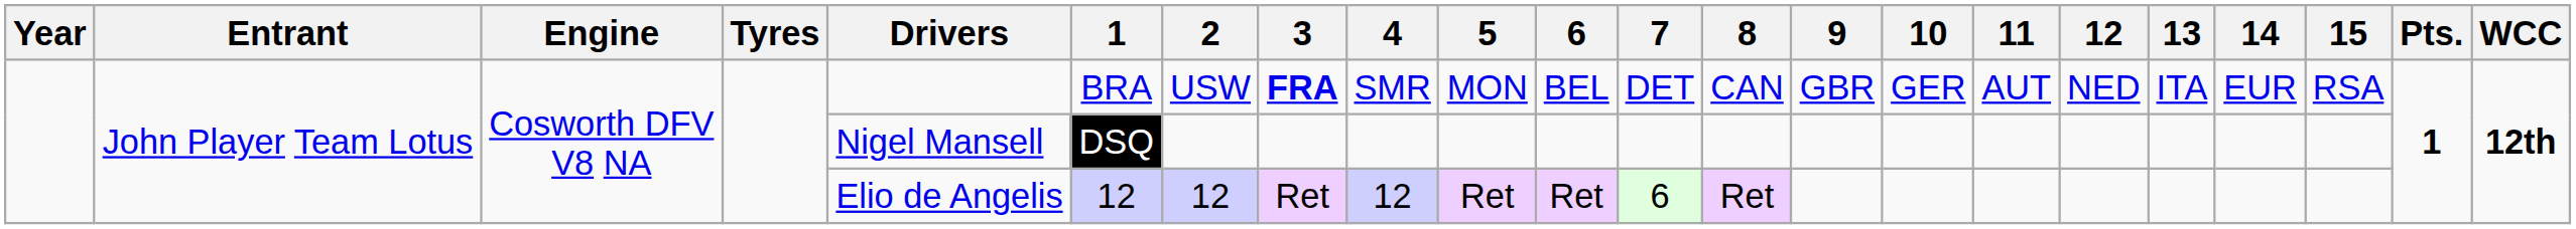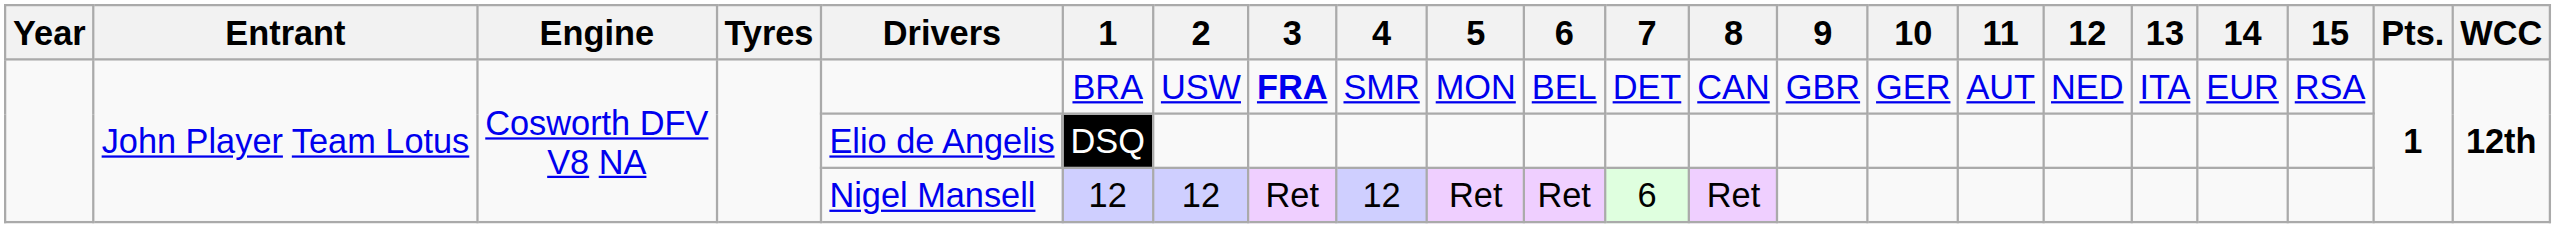 <table class="wikitable" style="text-align:center; font-size:95%">
 <tr>
 <th>Year</th>
 <th>Entrant</th>
 <th>Engine</th>
 <th>Tyres</th>
 <th>Drivers</th>
 <th>1</th>
 <th>2</th>
 <th>3</th>
 <th>4</th>
 <th>5</th>
 <th>6</th>
 <th>7</th>
 <th>8</th>
 <th>9</th>
 <th>10</th>
 <th>11</th>
 <th>12</th>
 <th>13</th>
 <th>14</th>
 <th>15</th>
 <th>Pts.</th>
 <th>WCC</th>
 </tr>
 <tr>
 <td rowspan="3"></td>
 <td rowspan="3"><a href='#'>John Player</a> <a href='#'>Team Lotus</a></td>
 <td rowspan="3"><a href='#'>Cosworth DFV</a><br><a href='#'>V8</a> <a href='#'>NA</a></td>
 <td rowspan="3"></td>
 <td></td>
 <td><a href='#'>BRA</a></td>
 <td><a href='#'>USW</a></td>
 <td><strong><a href='#'>FRA</a></strong></td>
 <td><a href='#'>SMR</a></td>
 <td><a href='#'>MON</a></td>
 <td><a href='#'>BEL</a></td>
 <td><a href='#'>DET</a></td>
 <td><a href='#'>CAN</a></td>
 <td><a href='#'>GBR</a></td>
 <td><a href='#'>GER</a></td>
 <td><a href='#'>AUT</a></td>
 <td><a href='#'>NED</a></td>
 <td><a href='#'>ITA</a></td>
 <td><a href='#'>EUR</a></td>
 <td><a href='#'>RSA</a></td>
 <td rowspan="3"><strong>1</strong></td>
 <td rowspan="3"><strong>12th</strong></td>
 </tr>
 <tr>
-<td align="left"><a href='#'>Nigel Mansell</a></td>
+<td align="left"><a href='#'>Elio de Angelis</a></td>
 <td style="background:#000000; color:white">DSQ</td>
 <td></td>
 <td></td>
 <td></td>
 <td></td>
 <td></td>
 <td></td>
 <td></td>
 <td></td>
 <td></td>
 <td></td>
 <td></td>
 <td></td>
 <td></td>
 <td></td>
 </tr>
 <tr>
-<td align="left"><a href='#'>Elio de Angelis</a></td>
+<td align="left"><a href='#'>Nigel Mansell</a></td>
 <td style="background:#cfcfff;">12</td>
 <td style="background:#cfcfff;">12</td>
 <td style="background:#EFCFFF;">Ret</td>
 <td style="background:#cfcfff;">12</td>
 <td style="background:#EFCFFF;">Ret</td>
 <td style="background:#EFCFFF;">Ret</td>
 <td style="background:#dfffdf;">6</td>
 <td style="background:#EFCFFF;">Ret</td>
 <td></td>
 <td></td>
 <td></td>
 <td></td>
 <td></td>
 <td></td>
 <td></td>
 </tr>
 </table>
